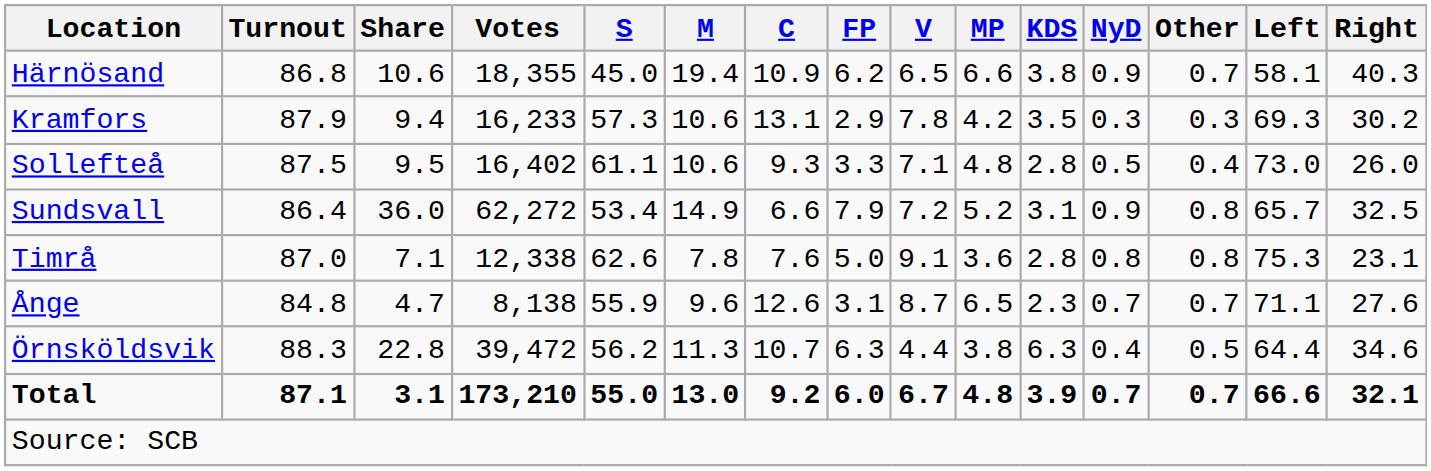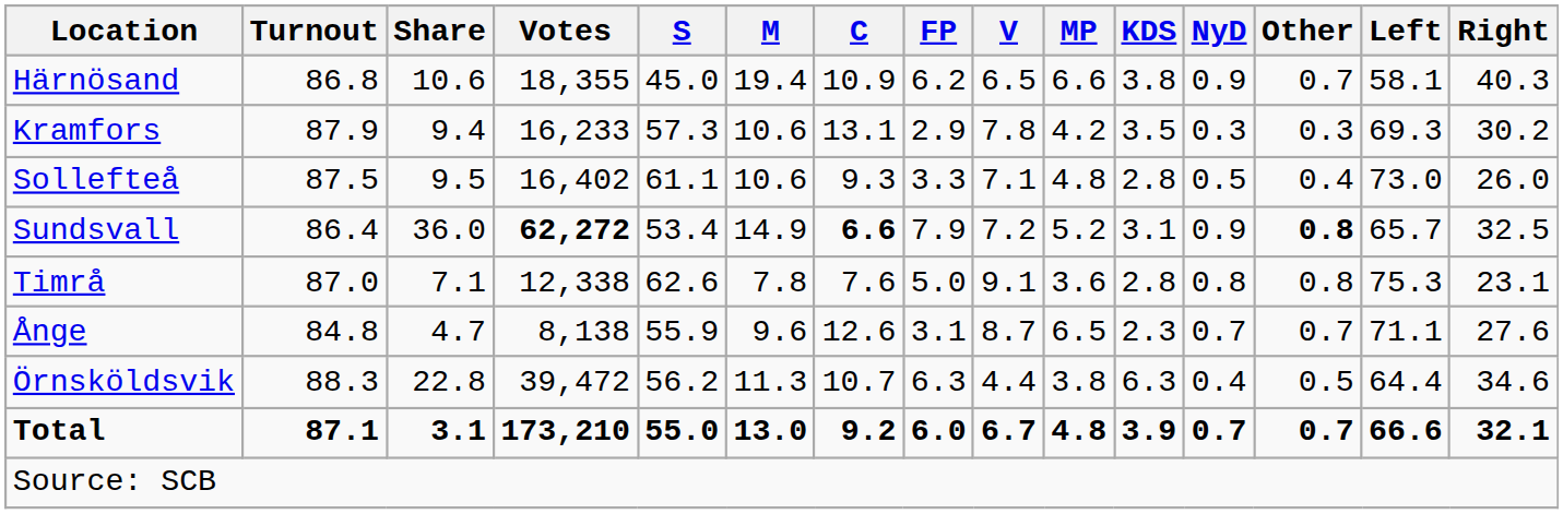 <table class="wikitable sortable" style=text-align:right>
 <tr>
 <th>Location</th>
 <th>Turnout</th>
 <th>Share</th>
 <th>Votes</th>
 <th><a href='#'>S</a></th>
 <th><a href='#'>M</a></th>
 <th><a href='#'>C</a></th>
 <th><a href='#'>FP</a></th>
 <th><a href='#'>V</a></th>
 <th><a href='#'>MP</a></th>
 <th><a href='#'>KDS</a></th>
 <th><a href='#'>NyD</a></th>
 <th>Other</th>
 <th>Left</th>
 <th>Right</th>
 </tr>
 <tr>
 <td align=left><a href='#'>Härnösand</a></td>
 <td>86.8</td>
 <td>10.6</td>
 <td>18,355</td>
 <td>45.0</td>
 <td>19.4</td>
 <td>10.9</td>
 <td>6.2</td>
 <td>6.5</td>
 <td>6.6</td>
 <td>3.8</td>
 <td>0.9</td>
 <td>0.7</td>
 <td>58.1</td>
 <td>40.3</td>
 </tr>
 <tr>
 <td align=left><a href='#'>Kramfors</a></td>
 <td>87.9</td>
 <td>9.4</td>
 <td>16,233</td>
 <td>57.3</td>
 <td>10.6</td>
 <td>13.1</td>
 <td>2.9</td>
 <td>7.8</td>
 <td>4.2</td>
 <td>3.5</td>
 <td>0.3</td>
 <td>0.3</td>
 <td>69.3</td>
 <td>30.2</td>
 </tr>
 <tr>
 <td align=left><a href='#'>Sollefteå</a></td>
 <td>87.5</td>
 <td>9.5</td>
 <td>16,402</td>
 <td>61.1</td>
 <td>10.6</td>
 <td>9.3</td>
 <td>3.3</td>
 <td>7.1</td>
 <td>4.8</td>
 <td>2.8</td>
 <td>0.5</td>
 <td>0.4</td>
 <td>73.0</td>
 <td>26.0</td>
 </tr>
 <tr>
 <td align=left><a href='#'>Sundsvall</a></td>
 <td>86.4</td>
 <td>36.0</td>
-<td>62,272</td>
+<td><strong>62,272</strong></td>
 <td>53.4</td>
 <td>14.9</td>
-<td>6.6</td>
+<td><strong>6.6</strong></td>
 <td>7.9</td>
 <td>7.2</td>
 <td>5.2</td>
 <td>3.1</td>
 <td>0.9</td>
-<td>0.8</td>
+<td><strong>0.8</strong></td>
 <td>65.7</td>
 <td>32.5</td>
 </tr>
 <tr>
 <td align=left><a href='#'>Timrå</a></td>
 <td>87.0</td>
 <td>7.1</td>
 <td>12,338</td>
 <td>62.6</td>
 <td>7.8</td>
 <td>7.6</td>
 <td>5.0</td>
 <td>9.1</td>
 <td>3.6</td>
 <td>2.8</td>
 <td>0.8</td>
 <td>0.8</td>
 <td>75.3</td>
 <td>23.1</td>
 </tr>
 <tr>
 <td align=left><a href='#'>Ånge</a></td>
 <td>84.8</td>
 <td>4.7</td>
 <td>8,138</td>
 <td>55.9</td>
 <td>9.6</td>
 <td>12.6</td>
 <td>3.1</td>
 <td>8.7</td>
 <td>6.5</td>
 <td>2.3</td>
 <td>0.7</td>
 <td>0.7</td>
 <td>71.1</td>
 <td>27.6</td>
 </tr>
 <tr>
 <td align=left><a href='#'>Örnsköldsvik</a></td>
 <td>88.3</td>
 <td>22.8</td>
 <td>39,472</td>
 <td>56.2</td>
 <td>11.3</td>
 <td>10.7</td>
 <td>6.3</td>
 <td>4.4</td>
 <td>3.8</td>
 <td>6.3</td>
 <td>0.4</td>
 <td>0.5</td>
 <td>64.4</td>
 <td>34.6</td>
 </tr>
 <tr>
 <td align=left><strong>Total</strong></td>
 <td><strong>87.1</strong></td>
 <td><strong>3.1</strong></td>
 <td><strong>173,210</strong></td>
 <td><strong>55.0</strong></td>
 <td><strong>13.0</strong></td>
 <td><strong>9.2</strong></td>
 <td><strong>6.0</strong></td>
 <td><strong>6.7</strong></td>
 <td><strong>4.8</strong></td>
 <td><strong>3.9</strong></td>
 <td><strong>0.7</strong></td>
 <td><strong>0.7</strong></td>
 <td><strong>66.6</strong></td>
 <td><strong>32.1</strong></td>
 </tr>
 <tr>
 <td align=left colspan=15>Source: SCB </td>
 </tr>
 </table>
